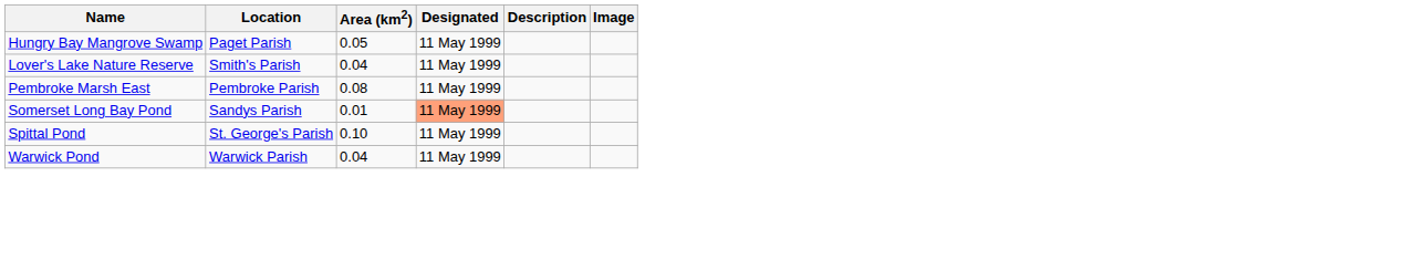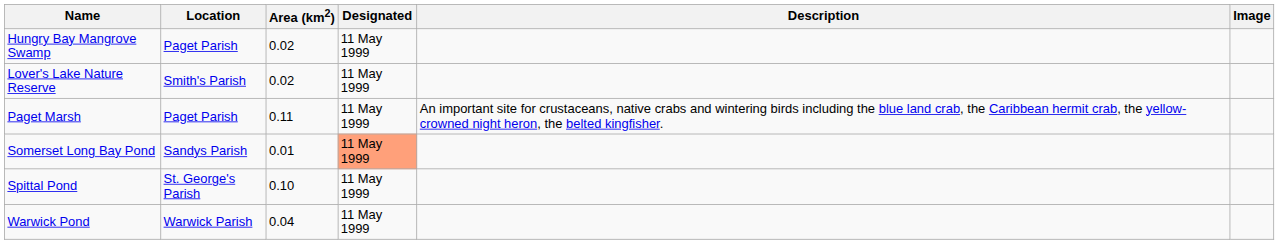 <table class="wikitable sortable">
 <tr>
 <th style="background-color:">Name</th>
 <th style="background-color:">Location</th>
 <th style="background-color:">Area (km<sup>2</sup>)</th>
 <th style="background-color:">Designated</th>
 <th style="background-color:">Description</th>
 <th style="background-color:">Image</th>
 </tr>
 <tr>
 <td><a href='#'>Hungry Bay Mangrove Swamp</a></td>
 <td><a href='#'>Paget Parish</a><br><small></small></td>
-<td>0.05</td>
+<td>0.02</td>
 <td>11 May 1999</td>
 <td></td>
 <td></td>
 </tr>
 <tr>
 <td><a href='#'>Lover's Lake Nature Reserve</a></td>
 <td><a href='#'>Smith's Parish</a><br><small></small></td>
-<td>0.04</td>
+<td>0.02</td>
 <td>11 May 1999</td>
 <td></td>
 <td></td>
 </tr>
 <tr>
-<td><a href='#'>Pembroke Marsh East</a></td>
-<td><a href='#'>Pembroke Parish</a><br><small></small></td>
-<td>0.08</td>
+<td><a href='#'>Paget Marsh</a></td>
+<td><a href='#'>Paget Parish</a><br><small></small></td>
+<td>0.11</td>
 <td>11 May 1999</td>
-<td></td>
+<td>An important site for crustaceans, native crabs and wintering birds including the <a href='#'>blue land crab</a>, the <a href='#'>Caribbean hermit crab</a>, the <a href='#'>yellow-crowned night heron</a>, the <a href='#'>belted kingfisher</a>.</td>
 <td></td>
 </tr>
 <tr>
 <td><a href='#'>Somerset Long Bay Pond</a></td>
 <td><a href='#'>Sandys Parish</a><br><small></small></td>
 <td>0.01</td>
 <td style="background: lightsalmon;">11 May 1999</td>
 <td></td>
 <td></td>
 </tr>
 <tr>
 <td><a href='#'>Spittal Pond</a></td>
 <td><a href='#'>St. George's Parish</a><br><small></small></td>
 <td>0.10</td>
 <td>11 May 1999</td>
 <td></td>
 <td></td>
 </tr>
 <tr>
 <td><a href='#'>Warwick Pond</a></td>
 <td><a href='#'>Warwick Parish</a><br><small></small></td>
 <td>0.04</td>
 <td>11 May 1999</td>
 <td></td>
 <td></td>
 </tr>
 </table>
